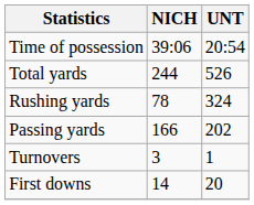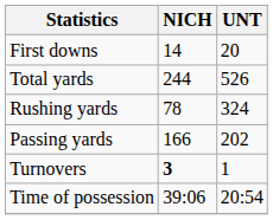 <table class="wikitable">
 <tr>
 <th>Statistics</th>
 <th>NICH</th>
 <th>UNT</th>
 </tr>
 <tr>
-<td>Time of possession</td>
-<td>39:06</td>
-<td>20:54</td>
+<td>First downs</td>
+<td>14</td>
+<td>20</td>
 </tr>
 <tr>
 <td>Total yards</td>
 <td>244</td>
 <td>526</td>
 </tr>
 <tr>
 <td>Rushing yards</td>
 <td>78</td>
 <td>324</td>
 </tr>
 <tr>
 <td>Passing yards</td>
 <td>166</td>
 <td>202</td>
 </tr>
 <tr>
 <td>Turnovers</td>
-<td>3</td>
+<td><strong>3</strong></td>
 <td>1</td>
 </tr>
 <tr>
-<td>First downs</td>
-<td>14</td>
-<td>20</td>
+<td>Time of possession</td>
+<td>39:06</td>
+<td>20:54</td>
 </tr>
 <tr>
 </tr>
 </table>
